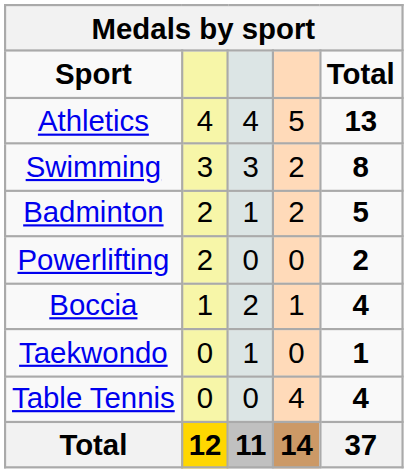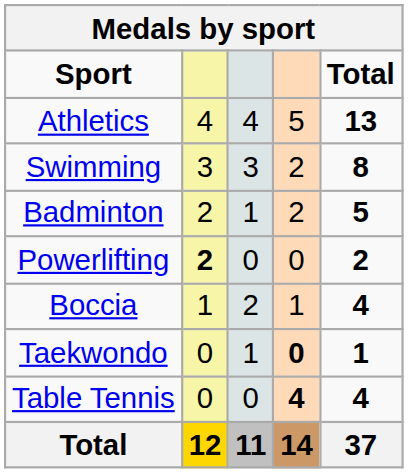 <table class="wikitable" style=font-size:85%;float:center;text-align:center>
 <tr style="background:#efefef;">
 <th colspan=5><strong>Medals by sport</strong></th>
 </tr>
 <tr align=center>
 <td><strong>Sport</strong></td>
 <td bgcolor=#f7f6a8></td>
 <td bgcolor=#dce5e5></td>
 <td bgcolor=#ffdab9></td>
 <td><strong>Total</strong></td>
 </tr>
 <tr align=center>
 <td><a href='#'>Athletics</a></td>
 <td style="background:#F7F6A8;">4</td>
 <td style="background:#DCE5E5;">4</td>
 <td style="background:#FFDAB9;">5</td>
 <td><strong>13</strong></td>
 </tr>
 <tr align=center>
 <td><a href='#'>Swimming</a></td>
 <td style="background:#F7F6A8;">3</td>
 <td style="background:#DCE5E5;">3</td>
 <td style="background:#FFDAB9;">2</td>
 <td><strong>8</strong></td>
 </tr>
 <tr align=center>
 <td><a href='#'>Badminton</a></td>
 <td style="background:#F7F6A8;">2</td>
 <td style="background:#DCE5E5;">1</td>
 <td style="background:#FFDAB9;">2</td>
 <td><strong>5</strong></td>
 </tr>
 <tr align=center>
 <td><a href='#'>Powerlifting</a></td>
-<td style="background:#F7F6A8;">2</td>
+<td style="background:#F7F6A8;"><strong>2</strong></td>
 <td style="background:#DCE5E5;">0</td>
 <td style="background:#FFDAB9;">0</td>
 <td><strong>2</strong></td>
 </tr>
 <tr align=center>
 <td><a href='#'>Boccia</a></td>
 <td style="background:#F7F6A8;">1</td>
 <td style="background:#DCE5E5;">2</td>
 <td style="background:#FFDAB9;">1</td>
 <td><strong>4</strong></td>
 </tr>
 <tr align=center>
 <td><a href='#'>Taekwondo</a></td>
 <td style="background:#F7F6A8;">0</td>
 <td style="background:#DCE5E5;">1</td>
-<td style="background:#FFDAB9;">0</td>
+<td style="background:#FFDAB9;"><strong>0</strong></td>
 <td><strong>1</strong></td>
 </tr>
 <tr align=center>
 <td><a href='#'>Table Tennis</a></td>
 <td style="background:#F7F6A8;">0</td>
 <td style="background:#DCE5E5;">0</td>
-<td style="background:#FFDAB9;">4</td>
+<td style="background:#FFDAB9;"><strong>4</strong></td>
 <td><strong>4</strong></td>
 </tr>
 <tr align=center>
 <th><strong>Total</strong></th>
 <th style="background:gold;"><strong>12</strong></th>
 <th style="background:silver;"><strong>11</strong></th>
 <th style="background:#c96;"><strong>14</strong></th>
 <th>37</th>
 </tr>
 </table>
